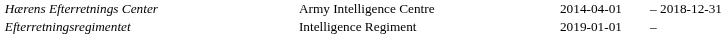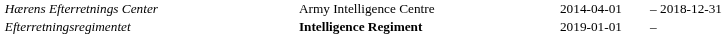 <table class="toccolours" style="float: auto; clear: right; margin: 0 0 0.5em 1em;" width="900px">
 <tr style="vertical-align: top;">
 <td><em>Hærens Efterretnings Center</em></td>
 <td>Army Intelligence Centre</td>
 <td width="12%">2014-04-01</td>
 <td width="1%">–</td>
 <td width="12%">2018-12-31</td>
 </tr>
 <tr style="vertical-align: top;">
 <td><em>Efterretningsregimentet</em></td>
-<td>Intelligence Regiment</td>
+<td><strong>Intelligence Regiment</strong></td>
 <td width="12%">2019-01-01</td>
 <td width="1%">–</td>
 <td width="12%"></td>
 </tr>
 </table>
